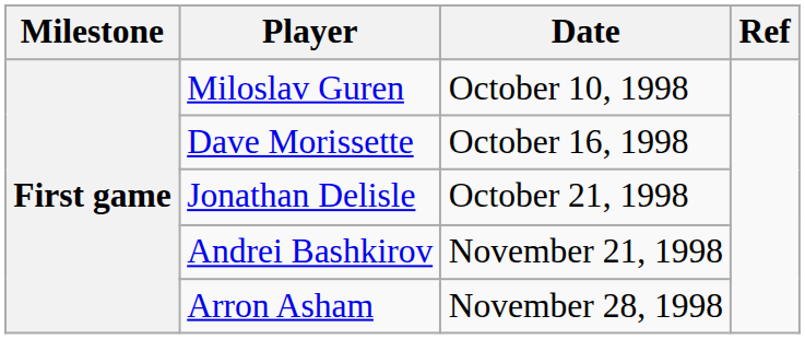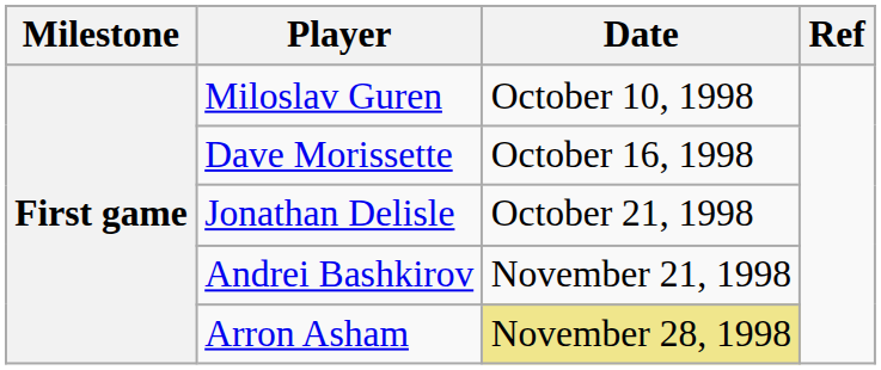 <table class="wikitable">
 <tr>
 <th scope="col">Milestone</th>
 <th scope="col">Player</th>
 <th scope="col">Date</th>
 <th scope="col">Ref</th>
 </tr>
 <tr>
 <th rowspan=5>First game</th>
 <td><a href='#'>Miloslav Guren</a></td>
 <td>October 10, 1998</td>
 <td rowspan=5></td>
 </tr>
 <tr>
 <td><a href='#'>Dave Morissette</a></td>
 <td>October 16, 1998</td>
 </tr>
 <tr>
 <td><a href='#'>Jonathan Delisle</a></td>
 <td>October 21, 1998</td>
 </tr>
 <tr>
 <td><a href='#'>Andrei Bashkirov</a></td>
 <td>November 21, 1998</td>
 </tr>
 <tr>
 <td><a href='#'>Arron Asham</a></td>
-<td>November 28, 1998</td>
+<td style="background: khaki;">November 28, 1998</td>
 </tr>
 </table>
